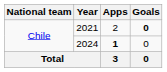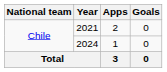 <table class=wikitable style=text-align:center>
 <tr>
 <th>National team</th>
 <th>Year</th>
 <th>Apps</th>
 <th>Goals</th>
 </tr>
 <tr>
 <td rowspan="2"><a href='#'>Chile</a></td>
 <td>2021</td>
 <td>2</td>
-<td><strong>0</strong></td>
+<td>0</td>
 </tr>
 <tr>
 <td>2024</td>
-<td><strong>1</strong></td>
+<td>1</td>
 <td>0</td>
 </tr>
 <tr>
 <th colspan="2">Total</th>
 <th>3</th>
 <th>0</th>
 </tr>
 </table>
